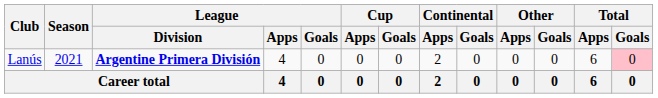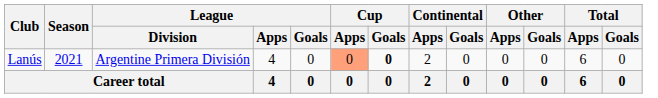 <table class="wikitable" style="text-align: center">
 <tr>
 <th rowspan="2">Club</th>
 <th rowspan="2">Season</th>
 <th colspan="3">League</th>
 <th colspan="2">Cup</th>
 <th colspan="2">Continental</th>
 <th colspan="2">Other</th>
 <th colspan="2">Total</th>
 </tr>
 <tr>
 <th>Division</th>
 <th>Apps</th>
 <th>Goals</th>
 <th>Apps</th>
 <th>Goals</th>
 <th>Apps</th>
 <th>Goals</th>
 <th>Apps</th>
 <th>Goals</th>
 <th>Apps</th>
 <th>Goals</th>
 </tr>
 <tr>
 <td><a href='#'>Lanús</a></td>
 <td><a href='#'>2021</a></td>
-<td><strong><a href='#'>Argentine Primera División</a></strong></td>
+<td><a href='#'>Argentine Primera División</a></td>
 <td>4</td>
 <td>0</td>
-<td>0</td>
-<td>0</td>
+<td style="background: lightsalmon;">0</td>
+<td><strong>0</strong></td>
 <td>2</td>
 <td>0</td>
 <td>0</td>
 <td>0</td>
 <td>6</td>
-<td style="background: pink;">0</td>
+<td>0</td>
 </tr>
 <tr>
 <th colspan=3>Career total</th>
 <th>4</th>
 <th>0</th>
 <th>0</th>
 <th>0</th>
 <th>2</th>
 <th>0</th>
 <th>0</th>
 <th>0</th>
 <th>6</th>
 <th>0</th>
 </tr>
 </table>
